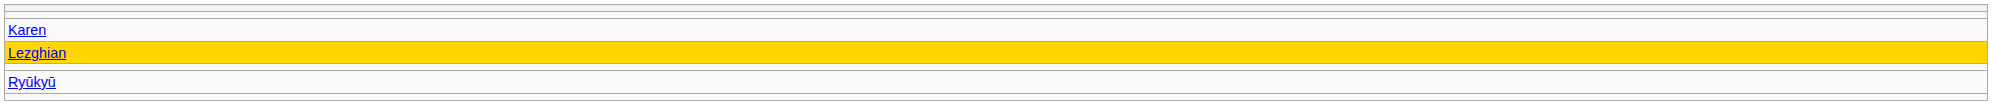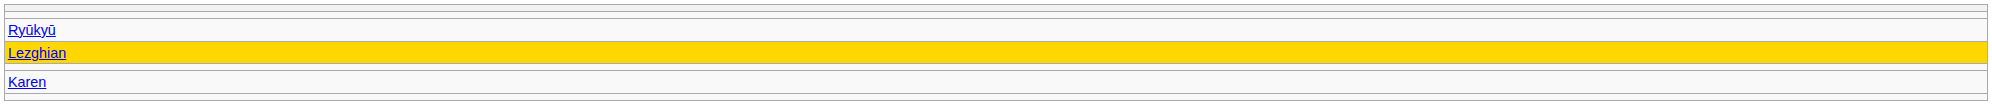 <table class="wikitable" style="font-size:90%" width=100%>
 <tr>
 <th scope="col"></th>
 </tr>
 <tr>
 <td></td>
 </tr>
 <tr>
-<td> <a href='#'>Karen</a></td>
+<td> <a href='#'>Ryūkyū</a></td>
 </tr>
 <tr>
 <td style="background: gold;"> <a href='#'>Lezghian</a></td>
 </tr>
 <tr>
 <td></td>
 </tr>
 <tr>
-<td> <a href='#'>Ryūkyū</a></td>
+<td> <a href='#'>Karen</a></td>
 </tr>
 <tr>
 <td></td>
 </tr>
 </table>
